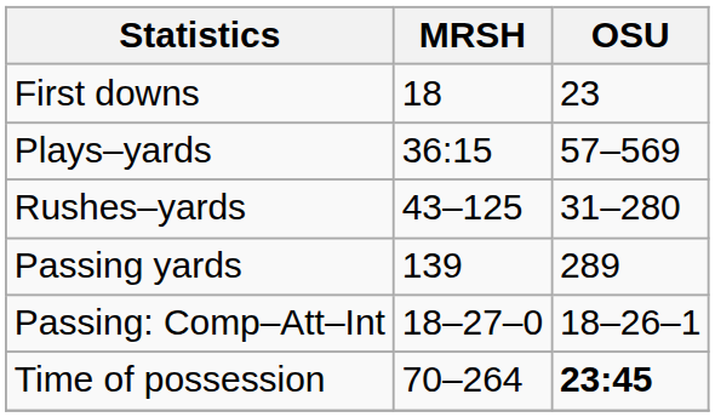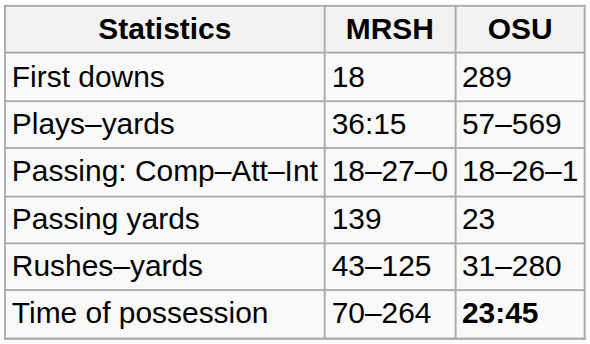 <table class="wikitable" style="float: left;">
 <tr>
 <th>Statistics</th>
 <th>MRSH</th>
 <th>OSU</th>
 </tr>
 <tr>
 <td>First downs</td>
 <td>18</td>
-<td>23</td>
+<td>289</td>
 </tr>
 <tr>
 <td>Plays–yards</td>
 <td>36:15</td>
 <td>57–569</td>
 </tr>
 <tr>
-<td>Rushes–yards</td>
-<td>43–125</td>
-<td>31–280</td>
+<td>Passing: Comp–Att–Int</td>
+<td>18–27–0</td>
+<td>18–26–1</td>
 </tr>
 <tr>
 <td>Passing yards</td>
 <td>139</td>
-<td>289</td>
+<td>23</td>
 </tr>
 <tr>
-<td>Passing: Comp–Att–Int</td>
-<td>18–27–0</td>
-<td>18–26–1</td>
+<td>Rushes–yards</td>
+<td>43–125</td>
+<td>31–280</td>
 </tr>
 <tr>
 <td>Time of possession</td>
 <td>70–264</td>
 <td><strong>23:45</strong></td>
 </tr>
 <tr>
 </tr>
 </table>
